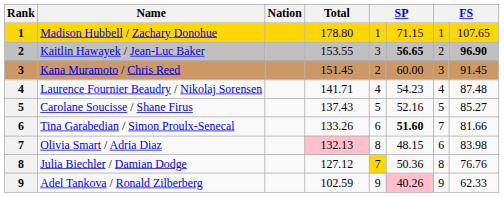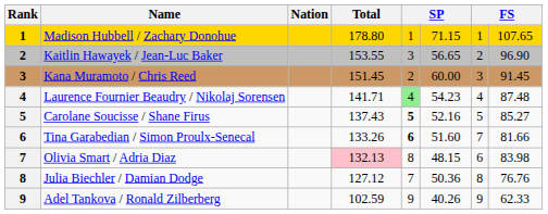 <table class="wikitable sortable">
 <tr>
 <th>Rank</th>
 <th>Name</th>
 <th>Nation</th>
 <th width="80px">Total</th>
 <th colspan="2" width="80px"><a href='#'>SP</a></th>
 <th colspan="2" width="80px"><a href='#'>FS</a></th>
 </tr>
 <tr bgcolor="gold">
 <td align="center"><strong>1</strong></td>
 <td><a href='#'>Madison Hubbell</a> / <a href='#'>Zachary Donohue</a></td>
 <td></td>
 <td align="center">178.80</td>
 <td align="center">1</td>
 <td align="center">71.15</td>
 <td align="center">1</td>
 <td align="center">107.65</td>
 </tr>
 <tr bgcolor="silver">
 <td align="center"><strong>2</strong></td>
 <td><a href='#'>Kaitlin Hawayek</a> / <a href='#'>Jean-Luc Baker</a></td>
 <td></td>
 <td align="center">153.55</td>
 <td align="center">3</td>
-<td align="center"><strong>56.65</strong></td>
+<td align="center">56.65</td>
 <td align="center">2</td>
-<td align="center"><strong>96.90</strong></td>
+<td align="center">96.90</td>
 </tr>
 <tr bgcolor="cc9966">
 <td align="center"><strong>3</strong></td>
 <td><a href='#'>Kana Muramoto</a> / <a href='#'>Chris Reed</a></td>
 <td></td>
 <td align="center">151.45</td>
 <td align="center">2</td>
 <td align="center">60.00</td>
 <td align="center">3</td>
 <td align="center">91.45</td>
 </tr>
 <tr>
 <th>4</th>
 <td><a href='#'>Laurence Fournier Beaudry</a> / <a href='#'>Nikolaj Sorensen</a></td>
 <td></td>
 <td align="center">141.71</td>
-<td align="center">4</td>
+<td align="center" style="background: lightgreen;">4</td>
 <td align="center">54.23</td>
 <td align="center">4</td>
 <td align="center">87.48</td>
 </tr>
 <tr>
 <th>5</th>
 <td><a href='#'>Carolane Soucisse</a> / <a href='#'>Shane Firus</a></td>
 <td></td>
 <td align="center">137.43</td>
-<td align="center">5</td>
+<td align="center"><strong>5</strong></td>
 <td align="center">52.16</td>
 <td align="center">5</td>
 <td align="center">85.27</td>
 </tr>
 <tr>
 <th>6</th>
 <td><a href='#'>Tina Garabedian</a> / <a href='#'>Simon Proulx-Senecal</a></td>
 <td></td>
 <td align="center">133.26</td>
-<td align="center">6</td>
-<td align="center"><strong>51.60</strong></td>
+<td align="center"><strong>6</strong></td>
+<td align="center">51.60</td>
 <td align="center">7</td>
 <td align="center">81.66</td>
 </tr>
 <tr>
 <th>7</th>
 <td><a href='#'>Olivia Smart</a> / <a href='#'>Adria Diaz</a></td>
 <td></td>
 <td align="center" style="background: pink;">132.13</td>
 <td align="center">8</td>
 <td align="center">48.15</td>
 <td align="center">6</td>
 <td align="center">83.98</td>
 </tr>
 <tr>
 <th>8</th>
 <td><a href='#'>Julia Biechler</a> / <a href='#'>Damian Dodge</a></td>
 <td></td>
 <td align="center">127.12</td>
-<td align="center" style="background: gold;">7</td>
+<td align="center">7</td>
 <td align="center">50.36</td>
 <td align="center">8</td>
 <td align="center">76.76</td>
 </tr>
 <tr>
 <th>9</th>
 <td><a href='#'>Adel Tankova</a> / <a href='#'>Ronald Zilberberg</a></td>
 <td></td>
 <td align="center">102.59</td>
 <td align="center">9</td>
-<td align="center" style="background: pink;">40.26</td>
+<td align="center">40.26</td>
 <td align="center">9</td>
 <td align="center">62.33</td>
 </tr>
 </table>
